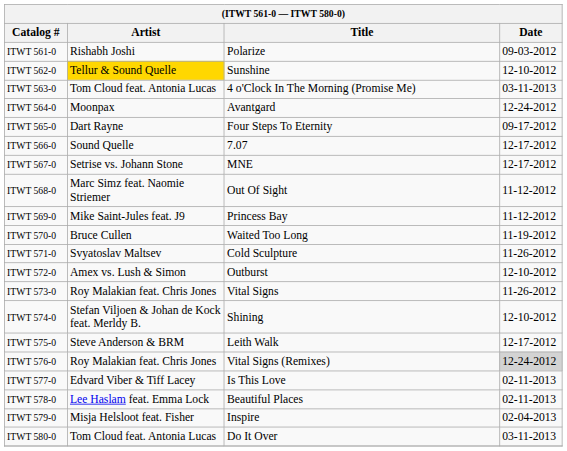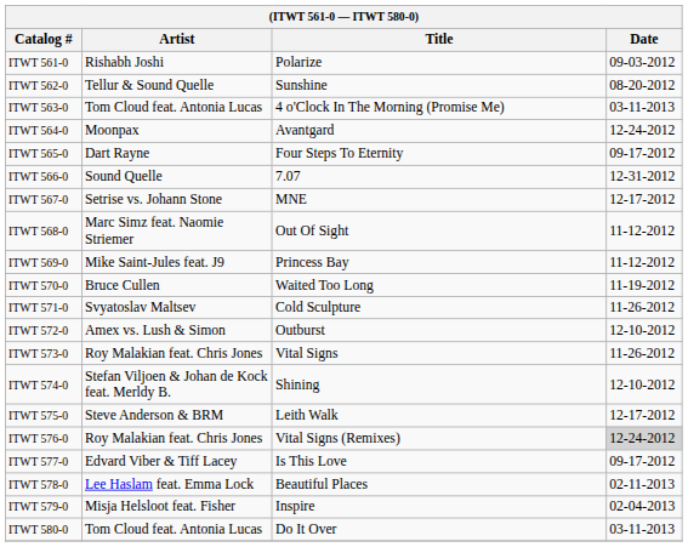 <table width="80%" class="wikitable collapsible collapsed" style="font-size:92%;position:relative;">
 <tr>
 <th colspan="5"><small>(ITWT 561-0 — ITWT 580-0)</small></th>
 </tr>
 <tr>
 <th width="8%">Catalog #</th>
 <th width="20%">Artist</th>
 <th width="35%">Title</th>
 <th width="8%">Date</th>
 </tr>
 <tr>
 <td><small>ITWT 561-0</small></td>
 <td>Rishabh Joshi</td>
 <td>Polarize</td>
 <td>09-03-2012</td>
 </tr>
 <tr>
 <td><small>ITWT 562-0</small></td>
-<td style="background: gold;">Tellur & Sound Quelle</td>
+<td>Tellur & Sound Quelle</td>
 <td>Sunshine</td>
-<td>12-10-2012</td>
+<td>08-20-2012</td>
 </tr>
 <tr>
 <td><small>ITWT 563-0</small></td>
 <td>Tom Cloud feat. Antonia Lucas</td>
 <td>4 o'Clock In The Morning (Promise Me)</td>
 <td>03-11-2013</td>
 </tr>
 <tr>
 <td><small>ITWT 564-0</small></td>
 <td>Moonpax</td>
 <td>Avantgard</td>
 <td>12-24-2012</td>
 </tr>
 <tr>
 <td><small>ITWT 565-0</small></td>
 <td>Dart Rayne</td>
 <td>Four Steps To Eternity</td>
 <td>09-17-2012</td>
 </tr>
 <tr>
 <td><small>ITWT 566-0</small></td>
 <td>Sound Quelle</td>
 <td>7.07</td>
-<td>12-17-2012</td>
+<td>12-31-2012</td>
 </tr>
 <tr>
 <td><small>ITWT 567-0</small></td>
 <td>Setrise vs. Johann Stone</td>
 <td>MNE</td>
 <td>12-17-2012</td>
 </tr>
 <tr>
 <td><small>ITWT 568-0</small></td>
 <td>Marc Simz feat. Naomie Striemer</td>
 <td>Out Of Sight</td>
 <td>11-12-2012</td>
 </tr>
 <tr>
 <td><small>ITWT 569-0</small></td>
 <td>Mike Saint-Jules feat. J9</td>
 <td>Princess Bay</td>
 <td>11-12-2012</td>
 </tr>
 <tr>
 <td><small>ITWT 570-0</small></td>
 <td>Bruce Cullen</td>
 <td>Waited Too Long</td>
 <td>11-19-2012</td>
 </tr>
 <tr>
 <td><small>ITWT 571-0</small></td>
 <td>Svyatoslav Maltsev</td>
 <td>Cold Sculpture</td>
 <td>11-26-2012</td>
 </tr>
 <tr>
 <td><small>ITWT 572-0</small></td>
 <td>Amex vs. Lush & Simon</td>
 <td>Outburst</td>
 <td>12-10-2012</td>
 </tr>
 <tr>
 <td><small>ITWT 573-0</small></td>
 <td>Roy Malakian feat. Chris Jones</td>
 <td>Vital Signs</td>
 <td>11-26-2012</td>
 </tr>
 <tr>
 <td><small>ITWT 574-0</small></td>
 <td>Stefan Viljoen & Johan de Kock feat. Merldy B.</td>
 <td>Shining</td>
 <td>12-10-2012</td>
 </tr>
 <tr>
 <td><small>ITWT 575-0</small></td>
 <td>Steve Anderson & BRM</td>
 <td>Leith Walk</td>
 <td>12-17-2012</td>
 </tr>
 <tr>
 <td><small>ITWT 576-0</small></td>
 <td>Roy Malakian feat. Chris Jones</td>
 <td>Vital Signs (Remixes)</td>
 <td style="background: lightgrey;">12-24-2012</td>
 </tr>
 <tr>
 <td><small>ITWT 577-0</small></td>
 <td>Edvard Viber & Tiff Lacey</td>
 <td>Is This Love</td>
-<td>02-11-2013</td>
+<td>09-17-2012</td>
 </tr>
 <tr>
 <td><small>ITWT 578-0</small></td>
 <td><a href='#'>Lee Haslam</a> feat. Emma Lock</td>
 <td>Beautiful Places</td>
 <td>02-11-2013</td>
 </tr>
 <tr>
 <td><small>ITWT 579-0</small></td>
 <td>Misja Helsloot feat. Fisher</td>
 <td>Inspire</td>
 <td>02-04-2013</td>
 </tr>
 <tr>
 <td><small>ITWT 580-0</small></td>
 <td>Tom Cloud feat. Antonia Lucas</td>
 <td>Do It Over</td>
 <td>03-11-2013</td>
 </tr>
 <tr>
 </tr>
 </table>
